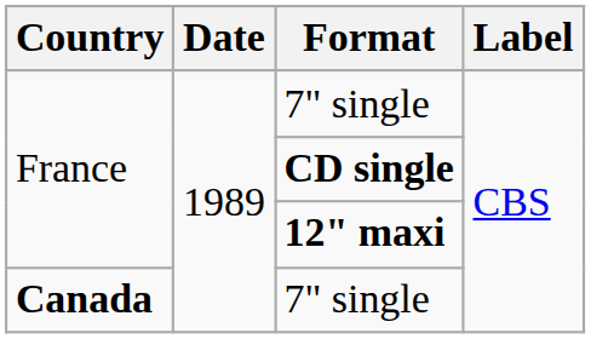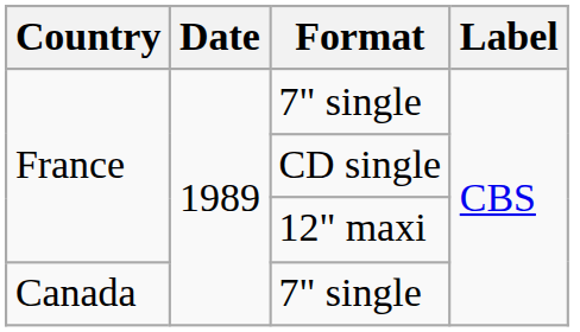 <table class=wikitable>
 <tr>
 <th>Country</th>
 <th>Date</th>
 <th>Format</th>
 <th>Label</th>
 </tr>
 <tr>
 <td rowspan="3">France</td>
 <td rowspan="4">1989</td>
 <td>7" single</td>
 <td rowspan="4"><a href='#'>CBS</a></td>
 </tr>
 <tr>
-<td><strong>CD single</strong></td>
+<td>CD single</td>
 </tr>
 <tr>
-<td><strong>12" maxi</strong></td>
+<td>12" maxi</td>
 </tr>
 <tr>
-<td><strong>Canada</strong></td>
+<td>Canada</td>
 <td>7" single</td>
 </tr>
 </table>
